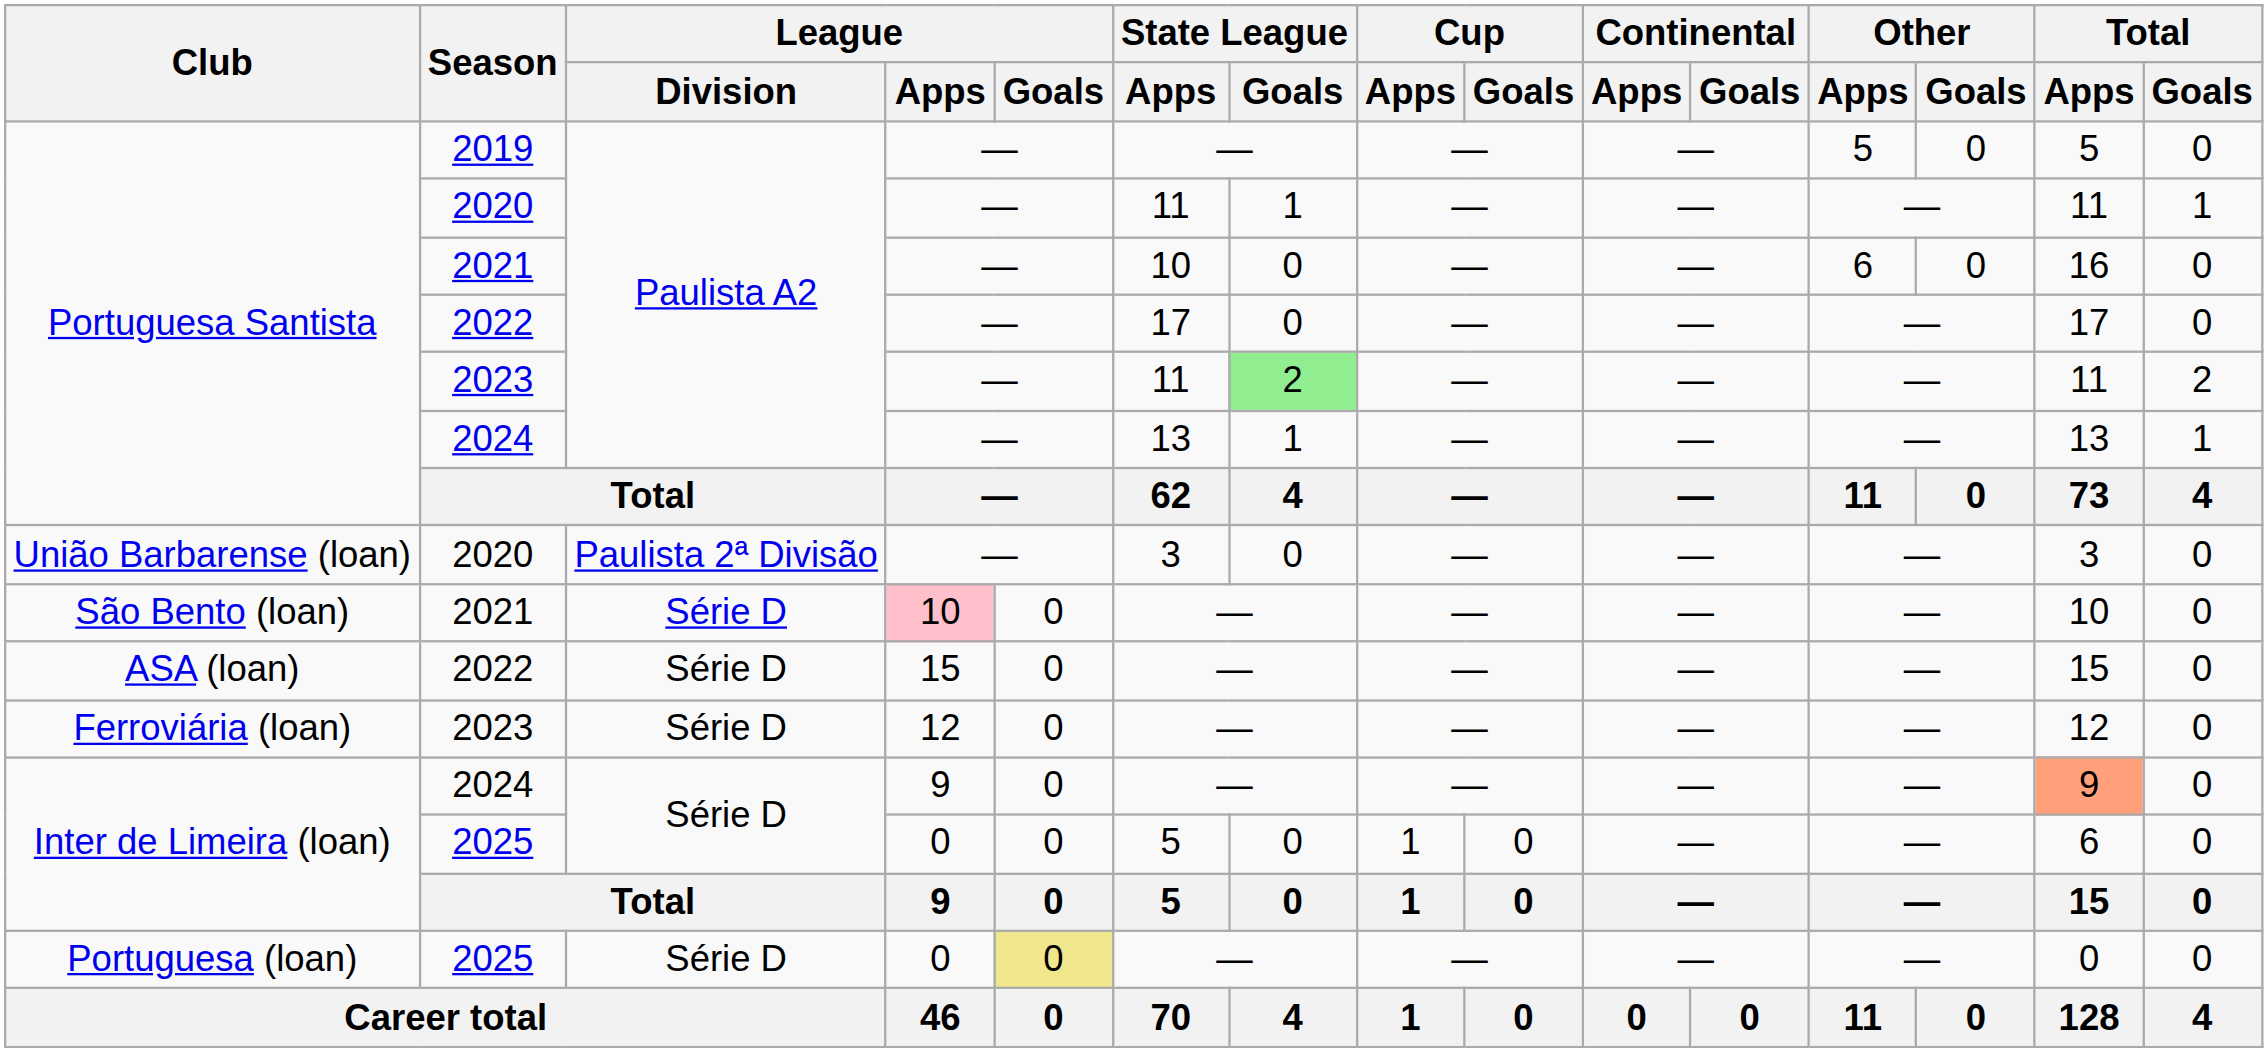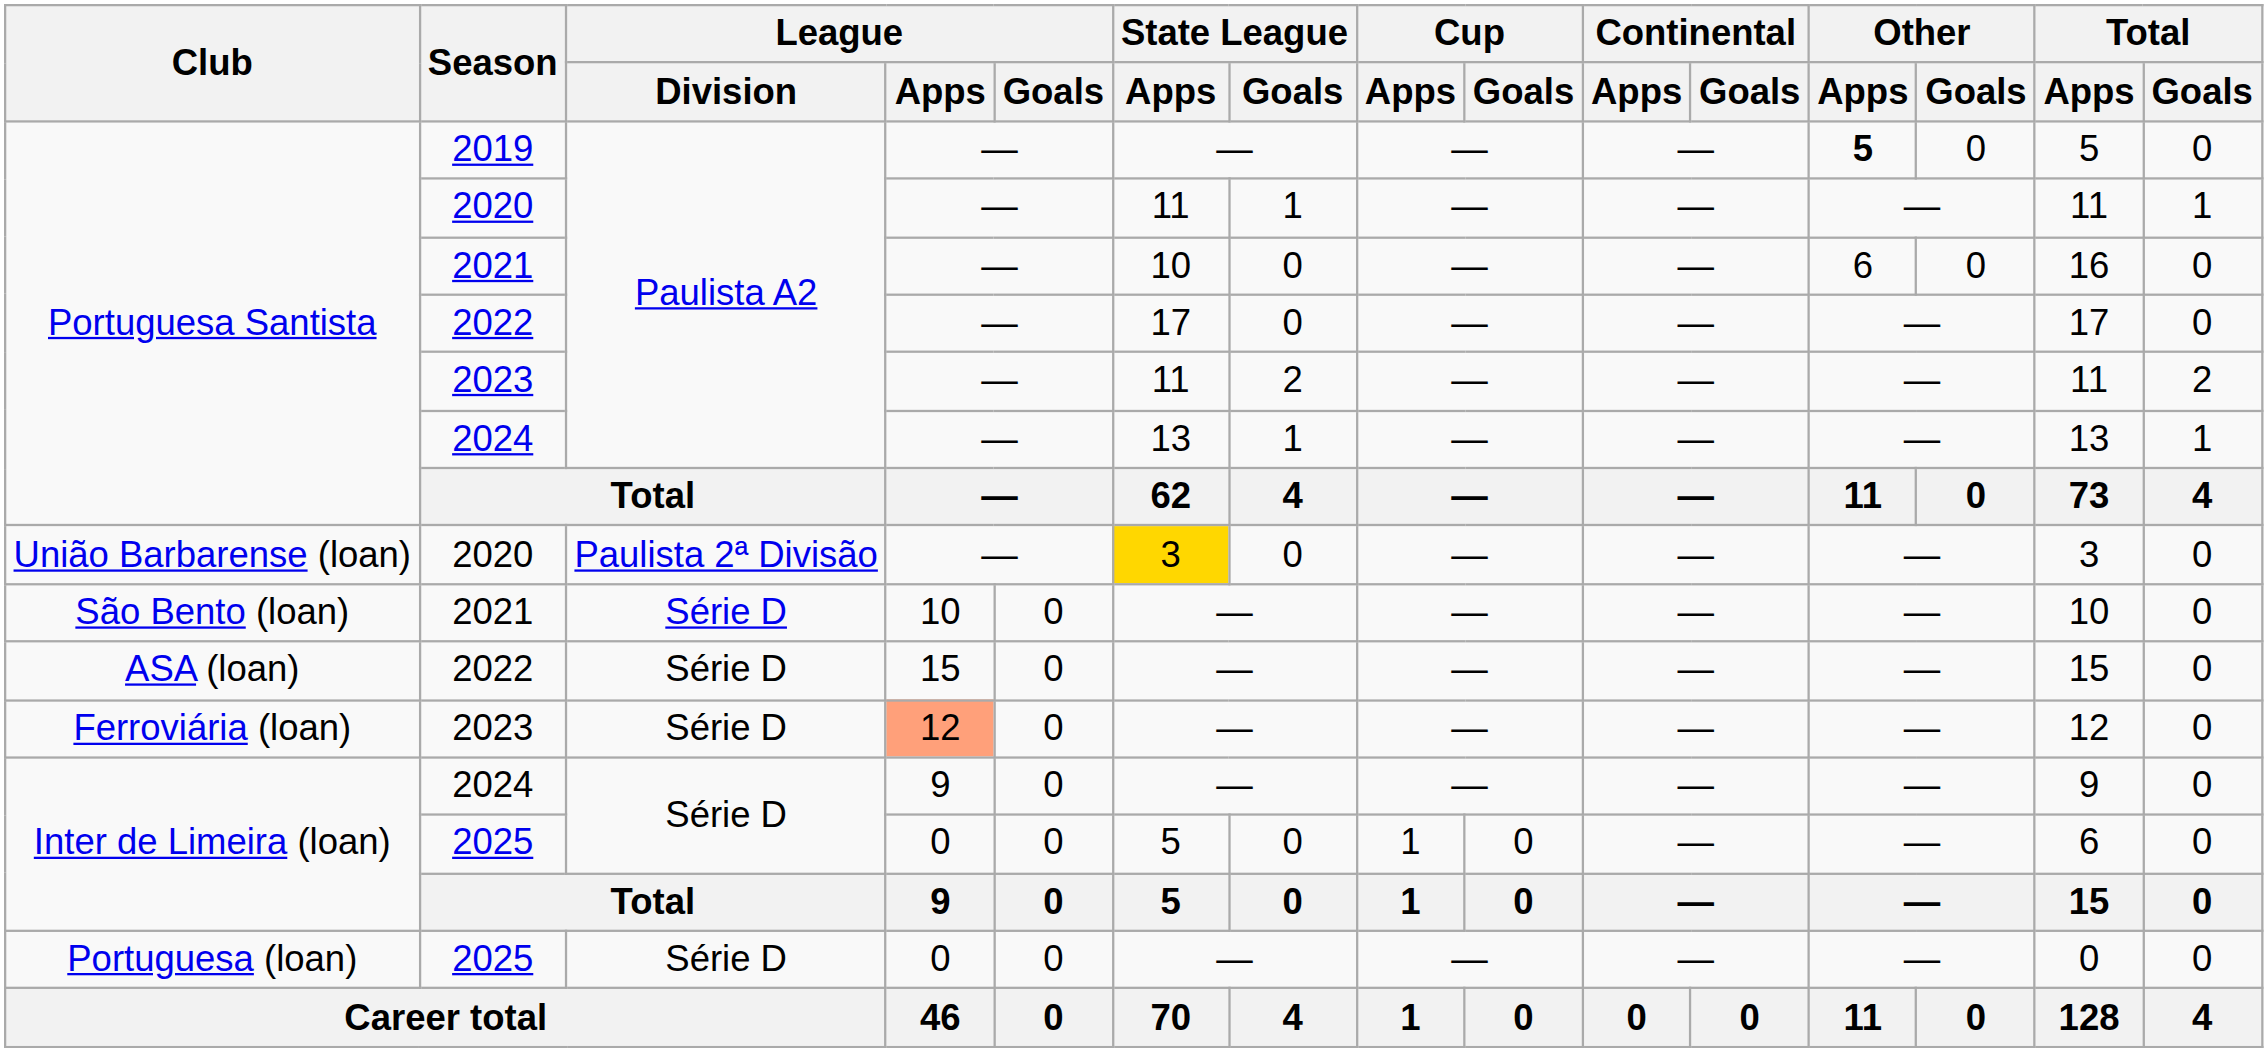 <table class="wikitable" style="text-align: center;">
 <tr>
 <th rowspan="2">Club</th>
 <th rowspan="2">Season</th>
 <th colspan="3">League</th>
 <th colspan="2">State League</th>
 <th colspan="2">Cup</th>
 <th colspan="2">Continental</th>
 <th colspan="2">Other</th>
 <th colspan="2">Total</th>
 </tr>
 <tr>
 <th>Division</th>
 <th>Apps</th>
 <th>Goals</th>
 <th>Apps</th>
 <th>Goals</th>
 <th>Apps</th>
 <th>Goals</th>
 <th>Apps</th>
 <th>Goals</th>
 <th>Apps</th>
 <th>Goals</th>
 <th>Apps</th>
 <th>Goals</th>
 </tr>
 <tr>
 <td rowspan="7" valign="center"><a href='#'>Portuguesa Santista</a></td>
 <td><a href='#'>2019</a></td>
 <td rowspan="6"><a href='#'>Paulista A2</a></td>
 <td colspan="2">—</td>
 <td colspan="2">—</td>
 <td colspan="2">—</td>
 <td colspan="2">—</td>
-<td>5</td>
+<td><strong>5</strong></td>
 <td>0</td>
 <td>5</td>
 <td>0</td>
 </tr>
 <tr>
 <td><a href='#'>2020</a></td>
 <td colspan="2">—</td>
 <td>11</td>
 <td>1</td>
 <td colspan="2">—</td>
 <td colspan="2">—</td>
 <td colspan="2">—</td>
 <td>11</td>
 <td>1</td>
 </tr>
 <tr>
 <td><a href='#'>2021</a></td>
 <td colspan="2">—</td>
 <td>10</td>
 <td>0</td>
 <td colspan="2">—</td>
 <td colspan="2">—</td>
 <td>6</td>
 <td>0</td>
 <td>16</td>
 <td>0</td>
 </tr>
 <tr>
 <td><a href='#'>2022</a></td>
 <td colspan="2">—</td>
 <td>17</td>
 <td>0</td>
 <td colspan="2">—</td>
 <td colspan="2">—</td>
 <td colspan="2">—</td>
 <td>17</td>
 <td>0</td>
 </tr>
 <tr>
 <td><a href='#'>2023</a></td>
 <td colspan="2">—</td>
 <td>11</td>
-<td style="background: lightgreen;">2</td>
+<td>2</td>
 <td colspan="2">—</td>
 <td colspan="2">—</td>
 <td colspan="2">—</td>
 <td>11</td>
 <td>2</td>
 </tr>
 <tr>
 <td><a href='#'>2024</a></td>
 <td colspan="2">—</td>
 <td>13</td>
 <td>1</td>
 <td colspan="2">—</td>
 <td colspan="2">—</td>
 <td colspan="2">—</td>
 <td>13</td>
 <td>1</td>
 </tr>
 <tr>
 <th colspan="2">Total</th>
 <th colspan="2">—</th>
 <th>62</th>
 <th>4</th>
 <th colspan="2">—</th>
 <th colspan="2">—</th>
 <th>11</th>
 <th>0</th>
 <th>73</th>
 <th>4</th>
 </tr>
 <tr>
 <td valign="center"><a href='#'>União Barbarense</a> (loan)</td>
 <td>2020</td>
 <td><a href='#'>Paulista 2ª Divisão</a></td>
 <td colspan="2">—</td>
-<td>3</td>
+<td style="background: gold;">3</td>
 <td>0</td>
 <td colspan="2">—</td>
 <td colspan="2">—</td>
 <td colspan="2">—</td>
 <td>3</td>
 <td>0</td>
 </tr>
 <tr>
 <td valign="center"><a href='#'>São Bento</a> (loan)</td>
 <td>2021</td>
 <td><a href='#'>Série D</a></td>
-<td style="background: pink;">10</td>
+<td>10</td>
 <td>0</td>
 <td colspan="2">—</td>
 <td colspan="2">—</td>
 <td colspan="2">—</td>
 <td colspan="2">—</td>
 <td>10</td>
 <td>0</td>
 </tr>
 <tr>
 <td valign="center"><a href='#'>ASA</a> (loan)</td>
 <td>2022</td>
 <td>Série D</td>
 <td>15</td>
 <td>0</td>
 <td colspan="2">—</td>
 <td colspan="2">—</td>
 <td colspan="2">—</td>
 <td colspan="2">—</td>
 <td>15</td>
 <td>0</td>
 </tr>
 <tr>
 <td valign="center"><a href='#'>Ferroviária</a> (loan)</td>
 <td>2023</td>
 <td>Série D</td>
-<td>12</td>
+<td style="background: lightsalmon;">12</td>
 <td>0</td>
 <td colspan="2">—</td>
 <td colspan="2">—</td>
 <td colspan="2">—</td>
 <td colspan="2">—</td>
 <td>12</td>
 <td>0</td>
 </tr>
 <tr>
 <td rowspan="3" valign="center"><a href='#'>Inter de Limeira</a> (loan)</td>
 <td>2024</td>
 <td rowspan="2">Série D</td>
 <td>9</td>
 <td>0</td>
 <td colspan="2">—</td>
 <td colspan="2">—</td>
 <td colspan="2">—</td>
 <td colspan="2">—</td>
-<td style="background: lightsalmon;">9</td>
+<td>9</td>
 <td>0</td>
 </tr>
 <tr>
 <td><a href='#'>2025</a></td>
 <td>0</td>
 <td>0</td>
 <td>5</td>
 <td>0</td>
 <td>1</td>
 <td>0</td>
 <td colspan="2">—</td>
 <td colspan="2">—</td>
 <td>6</td>
 <td>0</td>
 </tr>
 <tr>
 <th colspan="2">Total</th>
 <th>9</th>
 <th>0</th>
 <th>5</th>
 <th>0</th>
 <th>1</th>
 <th>0</th>
 <th colspan="2">—</th>
 <th colspan="2">—</th>
 <th>15</th>
 <th>0</th>
 </tr>
 <tr>
 <td valign="center"><a href='#'>Portuguesa</a> (loan)</td>
 <td><a href='#'>2025</a></td>
 <td>Série D</td>
 <td>0</td>
-<td style="background: khaki;">0</td>
+<td>0</td>
 <td colspan="2">—</td>
 <td colspan="2">—</td>
 <td colspan="2">—</td>
 <td colspan="2">—</td>
 <td>0</td>
 <td>0</td>
 </tr>
 <tr>
 <th colspan="3"><strong>Career total</strong></th>
 <th>46</th>
 <th>0</th>
 <th>70</th>
 <th>4</th>
 <th>1</th>
 <th>0</th>
 <th>0</th>
 <th>0</th>
 <th>11</th>
 <th>0</th>
 <th>128</th>
 <th>4</th>
 </tr>
 </table>
